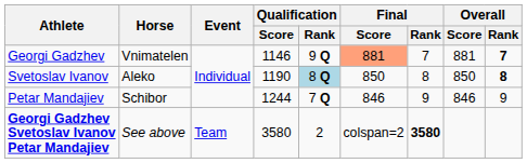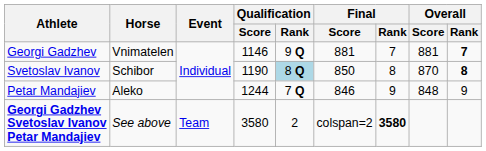 <table class=wikitable style="font-size:90%">
 <tr>
 <th rowspan="2">Athlete</th>
 <th rowspan="2">Horse</th>
 <th rowspan="2">Event</th>
 <th colspan="2">Qualification</th>
 <th colspan="2">Final</th>
 <th colspan="2">Overall</th>
 </tr>
 <tr style="font-size:95%">
 <th>Score</th>
 <th>Rank</th>
 <th>Score</th>
 <th>Rank</th>
 <th>Score</th>
 <th>Rank</th>
 </tr>
 <tr align=center>
 <td align=left><a href='#'>Georgi Gadzhev</a></td>
 <td align=left>Vnimatelen</td>
 <td align=left rowspan=3><a href='#'>Individual</a></td>
 <td>1146</td>
 <td>9 <strong>Q</strong></td>
-<td style="background: lightsalmon;">881</td>
+<td>881</td>
 <td>7</td>
 <td>881</td>
 <td><strong>7</strong></td>
 </tr>
 <tr align=center>
 <td align=left><a href='#'>Svetoslav Ivanov</a></td>
-<td align=left>Aleko</td>
+<td align=left>Schibor</td>
 <td>1190</td>
 <td style="background: lightblue;">8 <strong>Q</strong></td>
 <td>850</td>
 <td>8</td>
-<td>850</td>
+<td>870</td>
 <td><strong>8</strong></td>
 </tr>
 <tr align=center>
 <td align=left><a href='#'>Petar Mandajiev</a></td>
-<td align=left>Schibor</td>
+<td align=left>Aleko</td>
 <td>1244</td>
 <td>7 <strong>Q</strong></td>
 <td>846</td>
 <td>9</td>
-<td>846</td>
+<td>848</td>
 <td>9</td>
 </tr>
 <tr align=center>
 <td align=left><strong><a href='#'>Georgi Gadzhev</a><br><a href='#'>Svetoslav Ivanov</a><br><a href='#'>Petar Mandajiev</a></strong></td>
 <td align=left><em>See above</em></td>
 <td align=left><a href='#'>Team</a></td>
 <td>3580</td>
 <td>2</td>
 <td>colspan=2 </td>
 <td><strong>3580</strong></td>
 <td></td>
 </tr>
 </table>
